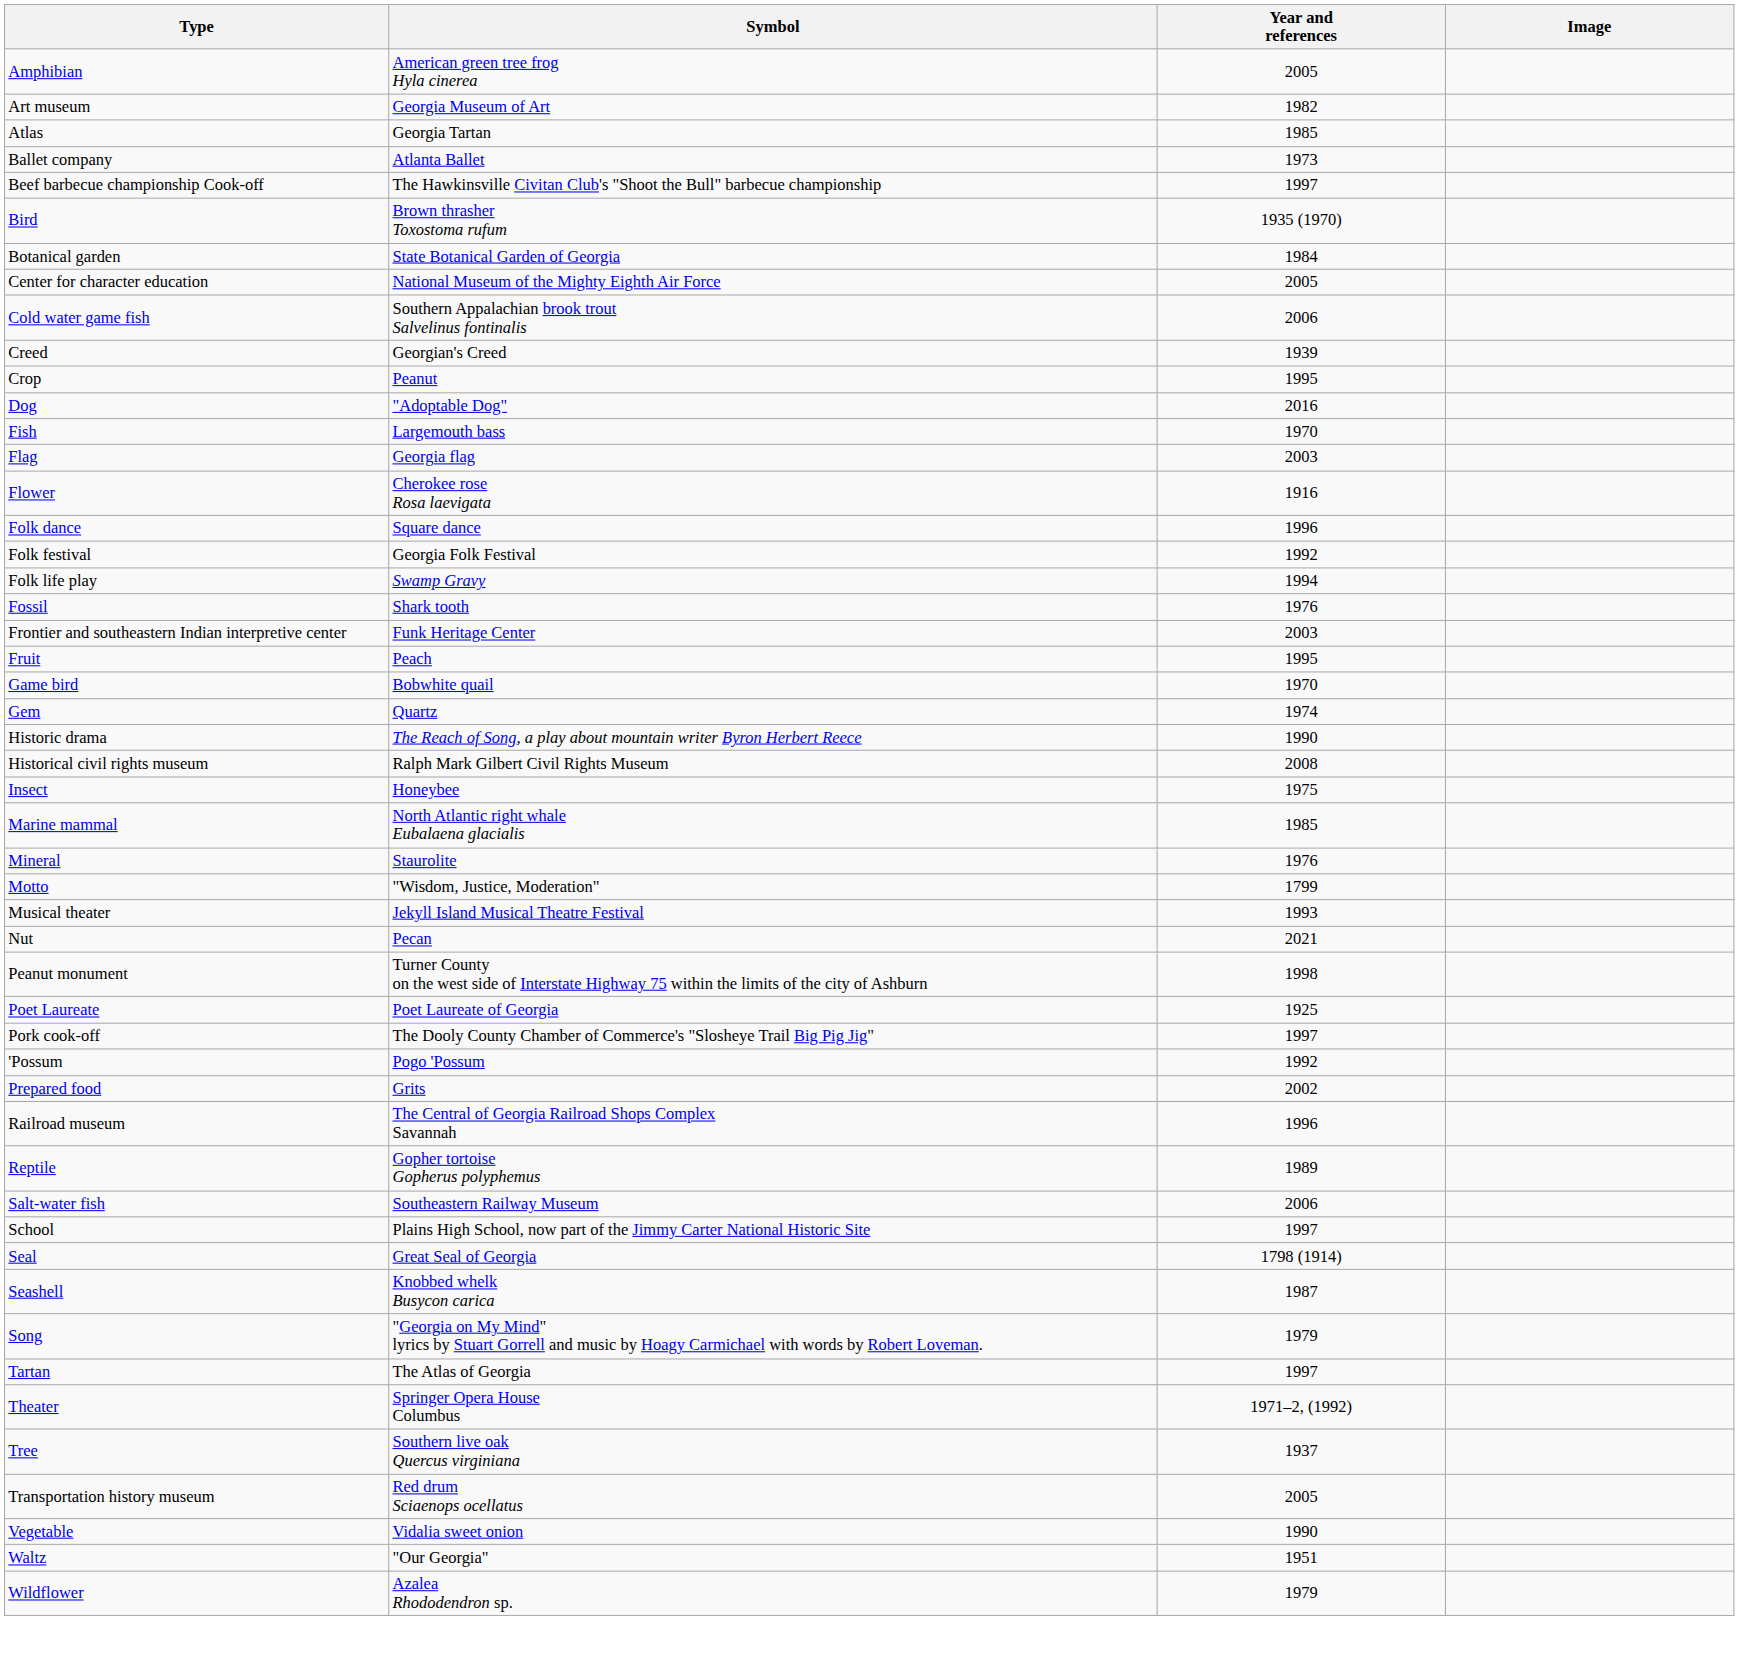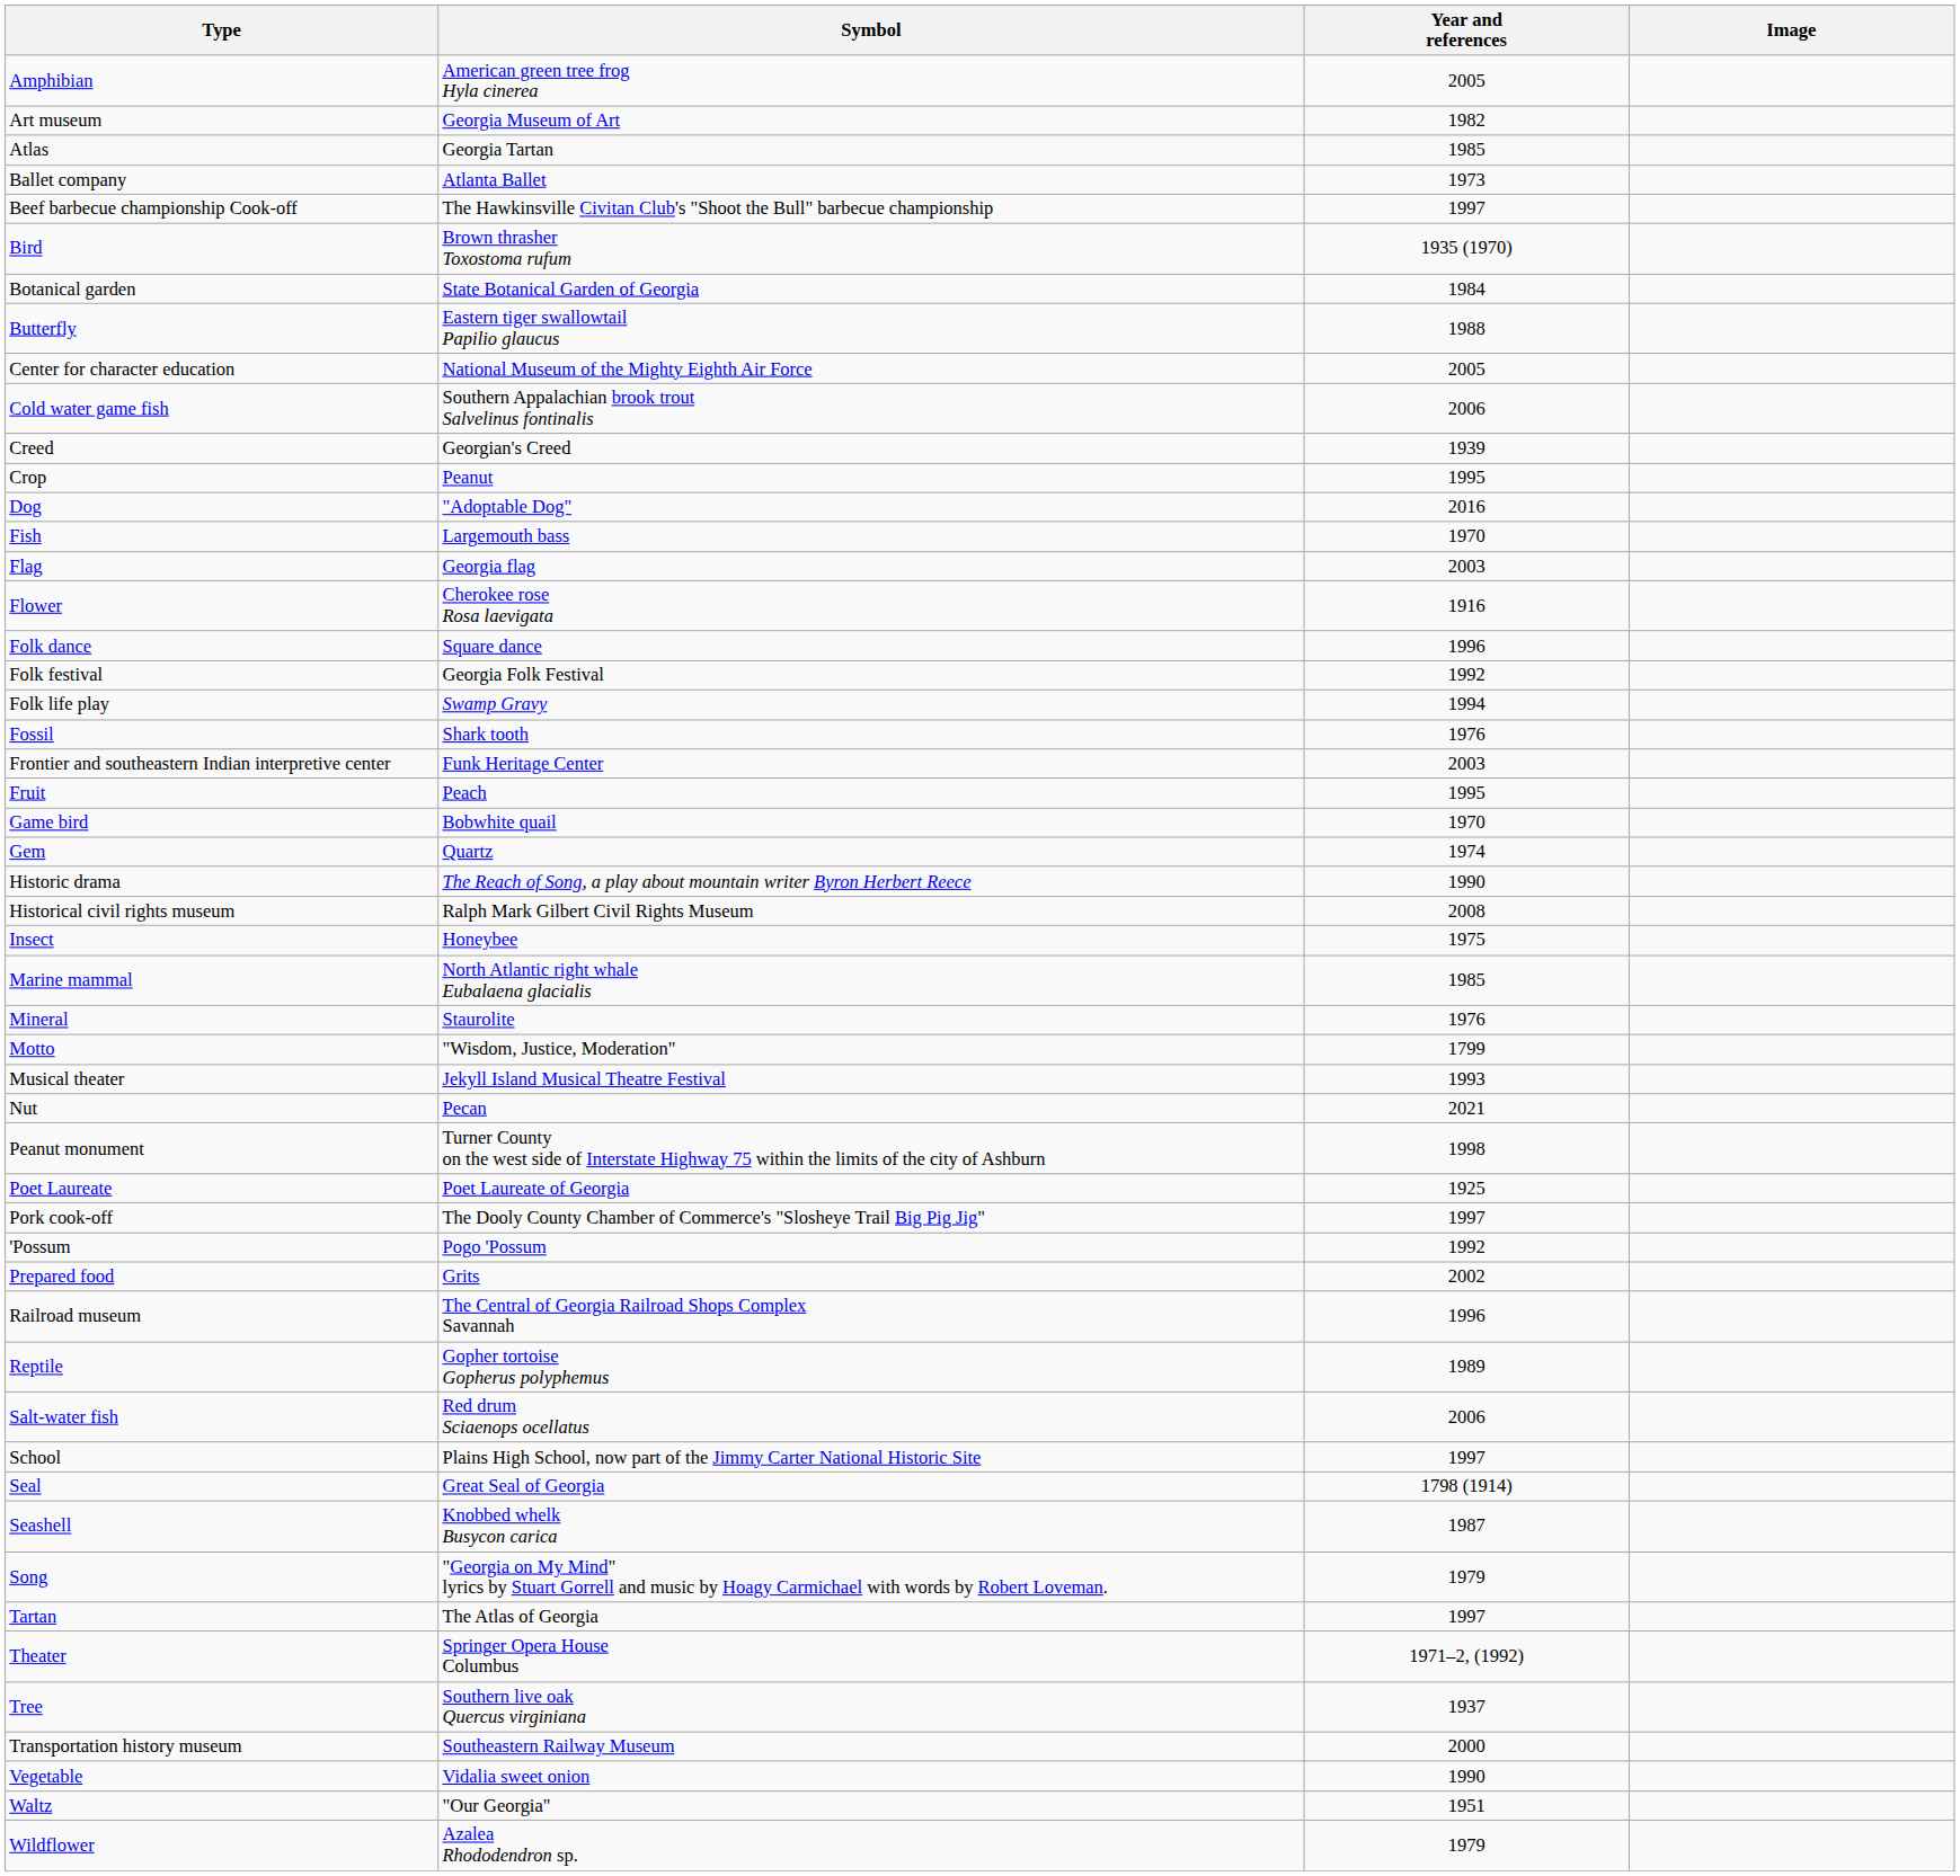 <table class="wikitable sortable">
 <tr>
 <th style="width:20%;">Type</th>
 <th style="width:40%;">Symbol</th>
 <th style="width:15%;">Year and<br>references</th>
 <th style="width:15%;">Image</th>
 </tr>
 <tr>
 <td><a href='#'>Amphibian</a></td>
 <td><a href='#'>American green tree frog</a><br><em>Hyla cinerea</em></td>
 <td style="text-align:center;">2005</td>
 <td style="text-align:center;"></td>
 </tr>
 <tr>
 <td>Art museum</td>
 <td><a href='#'>Georgia Museum of Art</a></td>
 <td style="text-align:center;">1982</td>
 <td style="text-align:center;"></td>
 </tr>
 <tr>
 <td>Atlas</td>
 <td>Georgia Tartan</td>
 <td style="text-align:center;">1985</td>
 <td style="text-align:center;"></td>
 </tr>
 <tr>
 <td>Ballet company</td>
 <td><a href='#'>Atlanta Ballet</a></td>
 <td style="text-align:center;">1973</td>
 <td style="text-align:center;"></td>
 </tr>
 <tr>
 <td>Beef barbecue championship Cook-off</td>
 <td>The Hawkinsville <a href='#'>Civitan Club</a>'s "Shoot the Bull" barbecue championship</td>
 <td style="text-align:center;">1997</td>
 <td style="text-align:center;"></td>
 </tr>
 <tr>
 <td><a href='#'>Bird</a></td>
 <td><a href='#'>Brown thrasher</a><br><em>Toxostoma rufum</em></td>
 <td style="text-align:center;">1935 (1970)</td>
 <td style="text-align:center;"></td>
 </tr>
 <tr>
 <td>Botanical garden</td>
 <td><a href='#'>State Botanical Garden of Georgia</a></td>
 <td style="text-align:center;">1984</td>
+<td style="text-align:center;"></td>
+</tr>
+<tr>
+<td><a href='#'>Butterfly</a></td>
+<td><a href='#'>Eastern tiger swallowtail</a><br><em>Papilio glaucus</em></td>
+<td style="text-align:center;">1988</td>
 <td style="text-align:center;"></td>
 </tr>
 <tr>
 <td>Center for character education</td>
 <td><a href='#'>National Museum of the Mighty Eighth Air Force</a></td>
 <td style="text-align:center;">2005</td>
 <td style="text-align:center;"></td>
 </tr>
 <tr>
 <td><a href='#'>Cold water game fish</a></td>
 <td>Southern Appalachian <a href='#'>brook trout</a><br><em>Salvelinus fontinalis</em></td>
 <td style="text-align:center;">2006</td>
 <td style="text-align:center;"></td>
 </tr>
 <tr>
 <td>Creed</td>
 <td>Georgian's Creed</td>
 <td style="text-align:center;">1939</td>
 <td style="text-align:center;"></td>
 </tr>
 <tr>
 <td>Crop</td>
 <td><a href='#'>Peanut</a></td>
 <td style="text-align:center;">1995</td>
 <td style="text-align:center;"></td>
 </tr>
 <tr>
 <td><a href='#'>Dog</a></td>
 <td><a href='#'>"Adoptable Dog"</a></td>
 <td style="text-align:center;">2016</td>
 <td style="text-align:center;"></td>
 </tr>
 <tr>
 <td><a href='#'>Fish</a></td>
 <td><a href='#'>Largemouth bass</a></td>
 <td style="text-align:center;">1970</td>
 <td style="text-align:center;"></td>
 </tr>
 <tr>
 <td><a href='#'>Flag</a></td>
 <td><a href='#'>Georgia flag</a></td>
 <td style="text-align:center;">2003</td>
 <td style="text-align:center;"></td>
 </tr>
 <tr>
 <td><a href='#'>Flower</a></td>
 <td><a href='#'>Cherokee rose</a><br><em>Rosa laevigata</em></td>
 <td style="text-align:center;">1916</td>
 <td style="text-align:center;"></td>
 </tr>
 <tr>
 <td><a href='#'>Folk dance</a></td>
 <td><a href='#'>Square dance</a></td>
 <td style="text-align:center;">1996</td>
 <td style="text-align:center;"></td>
 </tr>
 <tr>
 <td>Folk festival</td>
 <td>Georgia Folk Festival</td>
 <td style="text-align:center;">1992</td>
 <td style="text-align:center;"></td>
 </tr>
 <tr>
 <td>Folk life play</td>
 <td><em><a href='#'>Swamp Gravy</a></em></td>
 <td style="text-align:center;">1994</td>
 <td style="text-align:center;"></td>
 </tr>
 <tr>
 <td><a href='#'>Fossil</a></td>
 <td><a href='#'>Shark tooth</a></td>
 <td style="text-align:center;">1976</td>
 <td style="text-align:center;"></td>
 </tr>
 <tr>
 <td>Frontier and southeastern Indian interpretive center</td>
 <td><a href='#'>Funk Heritage Center</a></td>
 <td style="text-align:center;">2003</td>
 <td style="text-align:center;"></td>
 </tr>
 <tr>
 <td><a href='#'>Fruit</a></td>
 <td><a href='#'>Peach</a></td>
 <td style="text-align:center;">1995</td>
 <td style="text-align:center;"></td>
 </tr>
 <tr>
 <td><a href='#'>Game bird</a></td>
 <td><a href='#'>Bobwhite quail</a></td>
 <td style="text-align:center;">1970</td>
 <td style="text-align:center;"></td>
 </tr>
 <tr>
 <td><a href='#'>Gem</a></td>
 <td><a href='#'>Quartz</a></td>
 <td style="text-align:center;">1974</td>
 <td style="text-align:center;"></td>
 </tr>
 <tr>
 <td>Historic drama</td>
 <td><em><a href='#'>The Reach of Song</a>, a play about mountain writer <a href='#'>Byron Herbert Reece</a></em></td>
 <td style="text-align:center;">1990</td>
 <td style="text-align:center;"></td>
 </tr>
 <tr>
 <td>Historical civil rights museum</td>
 <td>Ralph Mark Gilbert Civil Rights Museum</td>
 <td style="text-align:center;">2008</td>
 <td style="text-align:center;"></td>
 </tr>
 <tr>
 <td><a href='#'>Insect</a></td>
 <td><a href='#'>Honeybee</a></td>
 <td style="text-align:center;">1975</td>
 <td style="text-align:center;"></td>
 </tr>
 <tr>
 <td><a href='#'>Marine mammal</a></td>
 <td><a href='#'>North Atlantic right whale</a><br><em>Eubalaena glacialis</em></td>
 <td style="text-align:center;">1985</td>
 <td style="text-align:center;"></td>
 </tr>
 <tr>
 <td><a href='#'>Mineral</a></td>
 <td><a href='#'>Staurolite</a></td>
 <td style="text-align:center;">1976</td>
 <td style="text-align:center;"></td>
 </tr>
 <tr>
 <td><a href='#'>Motto</a></td>
 <td>"Wisdom, Justice, Moderation"</td>
 <td style="text-align:center;">1799</td>
 <td style="text-align:center;"></td>
 </tr>
 <tr>
 <td>Musical theater</td>
 <td><a href='#'>Jekyll Island Musical Theatre Festival</a></td>
 <td style="text-align:center;">1993</td>
 <td style="text-align:center;"></td>
 </tr>
 <tr>
 <td>Nut</td>
 <td><a href='#'>Pecan</a></td>
 <td style="text-align:center;">2021</td>
 <td style="text-align:center;"></td>
 </tr>
 <tr>
 <td>Peanut monument</td>
 <td>Turner County<br>on the west side of <a href='#'>Interstate Highway 75</a> within the limits of the city of Ashburn</td>
 <td style="text-align:center;">1998</td>
 <td style="text-align:center;"></td>
 </tr>
 <tr>
 <td><a href='#'>Poet Laureate</a></td>
 <td><a href='#'>Poet Laureate of Georgia</a></td>
 <td style="text-align:center;">1925</td>
 <td style="text-align:center;"></td>
 </tr>
 <tr>
 <td>Pork cook-off</td>
 <td>The Dooly County Chamber of Commerce's "Slosheye Trail <a href='#'>Big Pig Jig</a>"</td>
 <td style="text-align:center;">1997</td>
 <td style="text-align:center;"></td>
 </tr>
 <tr>
 <td>'Possum</td>
 <td><a href='#'>Pogo 'Possum</a><br></td>
 <td style="text-align:center;">1992</td>
 <td style="text-align:center;"></td>
 </tr>
 <tr>
 <td><a href='#'>Prepared food</a></td>
 <td><a href='#'>Grits</a></td>
 <td style="text-align:center;">2002</td>
 <td style="text-align:center;"></td>
 </tr>
 <tr>
 <td>Railroad museum</td>
 <td><a href='#'>The Central of Georgia Railroad Shops Complex</a> <br> Savannah</td>
 <td style="text-align:center;">1996</td>
 <td style="text-align:center;"></td>
 </tr>
 <tr>
 <td><a href='#'>Reptile</a></td>
 <td><a href='#'>Gopher tortoise</a><br><em>Gopherus polyphemus</em></td>
 <td style="text-align:center;">1989</td>
 <td style="text-align:center;"></td>
 </tr>
 <tr>
 <td><a href='#'>Salt-water fish</a></td>
-<td><a href='#'>Southeastern Railway Museum</a></td>
+<td><a href='#'>Red drum</a><br><em>Sciaenops ocellatus</em></td>
 <td style="text-align:center;">2006</td>
 <td style="text-align:center;"></td>
 </tr>
 <tr>
 <td>School</td>
 <td>Plains High School, now part of the <a href='#'>Jimmy Carter National Historic Site</a></td>
 <td style="text-align:center;">1997</td>
 <td style="text-align:center;"></td>
 </tr>
 <tr>
 <td><a href='#'>Seal</a></td>
 <td><a href='#'>Great Seal of Georgia</a></td>
 <td style="text-align:center;">1798 (1914)</td>
 <td style="text-align:center;"></td>
 </tr>
 <tr>
 <td><a href='#'>Seashell</a></td>
 <td><a href='#'>Knobbed whelk</a><br><em>Busycon carica</em></td>
 <td style="text-align:center;">1987</td>
 <td style="text-align:center;"></td>
 </tr>
 <tr>
 <td><a href='#'>Song</a></td>
 <td>"<a href='#'>Georgia on My Mind</a>"<br>lyrics by <a href='#'>Stuart Gorrell</a> and music by <a href='#'>Hoagy Carmichael</a> with words by <a href='#'>Robert Loveman</a>.</td>
 <td style="text-align:center;">1979</td>
 <td style="text-align:center;"></td>
 </tr>
 <tr>
 <td><a href='#'>Tartan</a></td>
 <td>The Atlas of Georgia</td>
 <td style="text-align:center;">1997</td>
 <td style="text-align:center;"></td>
 </tr>
 <tr>
 <td><a href='#'>Theater</a></td>
 <td><a href='#'>Springer Opera House</a><br>Columbus</td>
 <td style="text-align:center;">1971–2, (1992)</td>
 <td style="text-align:center;"></td>
 </tr>
 <tr>
 <td><a href='#'>Tree</a></td>
 <td><a href='#'>Southern live oak</a><br><em>Quercus virginiana</em></td>
 <td style="text-align:center;">1937</td>
 <td style="text-align:center;"></td>
 </tr>
 <tr>
 <td>Transportation history museum</td>
-<td><a href='#'>Red drum</a><br><em>Sciaenops ocellatus</em></td>
-<td style="text-align:center;">2005</td>
+<td><a href='#'>Southeastern Railway Museum</a></td>
+<td style="text-align:center;">2000</td>
 <td style="text-align:center;"></td>
 </tr>
 <tr>
 <td><a href='#'>Vegetable</a></td>
 <td><a href='#'>Vidalia sweet onion</a></td>
 <td style="text-align:center;">1990</td>
 <td style="text-align:center;"></td>
 </tr>
 <tr>
 <td><a href='#'>Waltz</a></td>
 <td>"Our Georgia"</td>
 <td style="text-align:center;">1951</td>
 <td style="text-align:center;"></td>
 </tr>
 <tr>
 <td><a href='#'>Wildflower</a></td>
 <td><a href='#'>Azalea</a><br><em>Rhododendron</em> sp.</td>
 <td style="text-align:center;">1979</td>
 <td style="text-align:center;"></td>
 </tr>
 </table>
